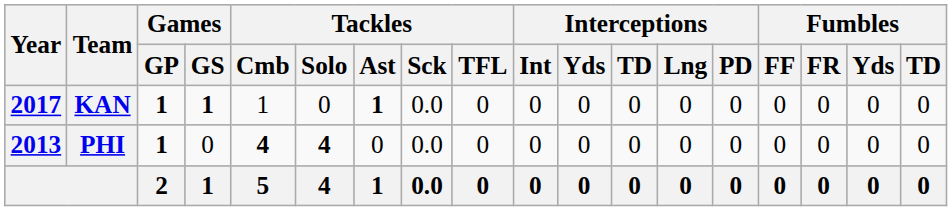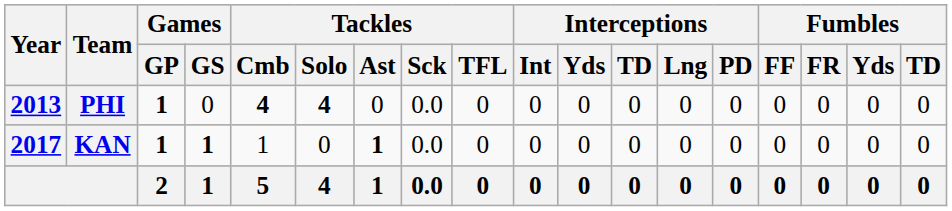 <table class="wikitable" style="text-align:center">
 <tr>
 <th rowspan="2">Year</th>
 <th rowspan="2">Team</th>
 <th colspan="2">Games</th>
 <th colspan="5">Tackles</th>
 <th colspan="5">Interceptions</th>
 <th colspan="4">Fumbles</th>
 </tr>
 <tr>
 <th>GP</th>
 <th>GS</th>
 <th>Cmb</th>
 <th>Solo</th>
 <th>Ast</th>
 <th>Sck</th>
 <th>TFL</th>
 <th>Int</th>
 <th>Yds</th>
 <th>TD</th>
 <th>Lng</th>
 <th>PD</th>
 <th>FF</th>
 <th>FR</th>
 <th>Yds</th>
 <th>TD</th>
 </tr>
 <tr>
-<th><a href='#'>2017</a></th>
-<th><a href='#'>KAN</a></th>
+<th><a href='#'>2013</a></th>
+<th><a href='#'>PHI</a></th>
 <td><strong>1</strong></td>
-<td><strong>1</strong></td>
-<td>1</td>
 <td>0</td>
-<td><strong>1</strong></td>
+<td><strong>4</strong></td>
+<td><strong>4</strong></td>
+<td>0</td>
 <td>0.0</td>
 <td>0</td>
 <td>0</td>
 <td>0</td>
 <td>0</td>
 <td>0</td>
 <td>0</td>
 <td>0</td>
 <td>0</td>
 <td>0</td>
 <td>0</td>
 </tr>
 <tr>
-<th><a href='#'>2013</a></th>
-<th><a href='#'>PHI</a></th>
+<th><a href='#'>2017</a></th>
+<th><a href='#'>KAN</a></th>
 <td><strong>1</strong></td>
+<td><strong>1</strong></td>
+<td>1</td>
 <td>0</td>
-<td><strong>4</strong></td>
-<td><strong>4</strong></td>
-<td>0</td>
+<td><strong>1</strong></td>
 <td>0.0</td>
 <td>0</td>
 <td>0</td>
 <td>0</td>
 <td>0</td>
 <td>0</td>
 <td>0</td>
 <td>0</td>
 <td>0</td>
 <td>0</td>
 <td>0</td>
 </tr>
 <tr>
 <th colspan="2"></th>
 <th>2</th>
 <th>1</th>
 <th>5</th>
 <th>4</th>
 <th>1</th>
 <th>0.0</th>
 <th>0</th>
 <th>0</th>
 <th>0</th>
 <th>0</th>
 <th>0</th>
 <th>0</th>
 <th>0</th>
 <th>0</th>
 <th>0</th>
 <th>0</th>
 </tr>
 </table>
